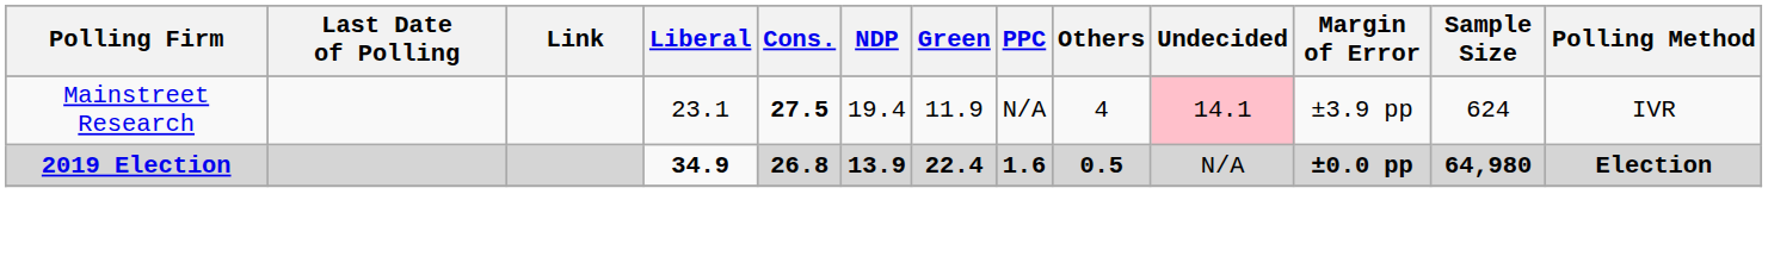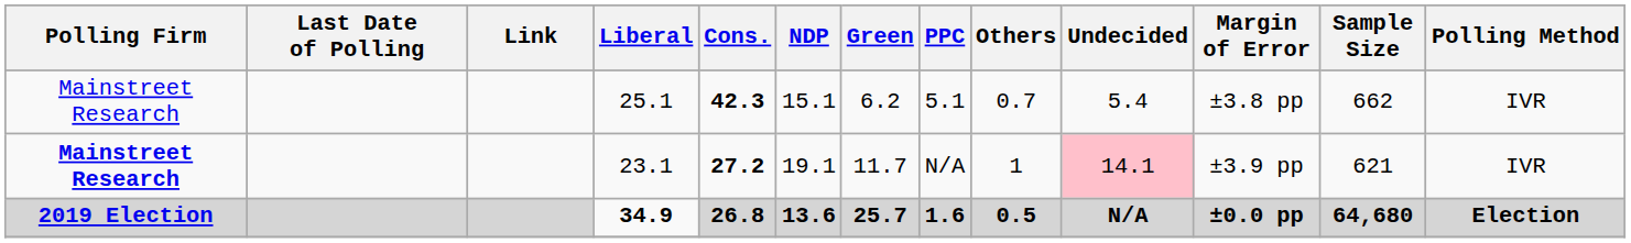 <table class="wikitable sortable" style="text-align:center;font-size:90%;line-height:14px;">
 <tr style="background:#e9e9e9;">
 <th style="width:120px">Polling Firm</th>
 <th style="width:110px">Last Date<br>of Polling</th>
 <th style="width:60px" class="unsortable">Link</th>
 <th style="background-color:"><a href='#'>Liberal</a></th>
 <th style="background-color:"><a href='#'>Cons.</a></th>
 <th style="background-color:"><a href='#'>NDP</a></th>
 <th style="background-color:"><a href='#'>Green</a></th>
 <th style="background-color:"><a href='#'><span>PPC</span></a></th>
 <th style="background-color:">Others</th>
 <th style="background-color:">Undecided</th>
 <th style="width:60px;" class=unsortable>Margin<br>of Error</th>
 <th style="width:50px;" class=unsortable>Sample<br>Size</th>
 <th class=unsortable>Polling Method</th>
 </tr>
 <tr>
 <td><a href='#'>Mainstreet Research</a></td>
 <td></td>
 <td></td>
+<td>25.1</td>
+<td><strong>42.3</strong></td>
+<td>15.1</td>
+<td>6.2</td>
+<td>5.1</td>
+<td>0.7</td>
+<td>5.4</td>
+<td>±3.8 pp</td>
+<td>662</td>
+<td>IVR</td>
+</tr>
+<tr>
+<td><strong><a href='#'>Mainstreet Research</a></strong></td>
+<td></td>
+<td></td>
 <td>23.1</td>
-<td><strong>27.5</strong></td>
-<td>19.4</td>
-<td>11.9</td>
+<td><strong>27.2</strong></td>
+<td>19.1</td>
+<td>11.7</td>
 <td>N/A</td>
-<td>4</td>
+<td>1</td>
 <td style="background: pink;">14.1</td>
 <td>±3.9 pp</td>
-<td>624</td>
+<td>621</td>
 <td>IVR</td>
 </tr>
 <tr>
 <td style="background:#D5D5D5"><strong><a href='#'>2019 Election</a></strong></td>
 <td style="background:#D5D5D5"><strong></strong></td>
 <td style="background:#D5D5D5"></td>
 <td><strong>34.9</strong></td>
 <td style="background:#D5D5D5"><strong>26.8</strong></td>
-<td style="background:#D5D5D5"><strong>13.9</strong></td>
-<td style="background:#D5D5D5"><strong>22.4</strong></td>
+<td style="background:#D5D5D5"><strong>13.6</strong></td>
+<td style="background:#D5D5D5"><strong>25.7</strong></td>
 <td style="background:#D5D5D5"><strong>1.6</strong></td>
 <td style="background:#D5D5D5"><strong>0.5</strong></td>
-<td style="background:#D5D5D5">N/A</td>
+<td style="background:#D5D5D5"><strong>N/A</strong></td>
 <td style="background:#D5D5D5"><strong>±0.0 pp</strong></td>
-<td style="background:#D5D5D5"><strong>64,980</strong></td>
+<td style="background:#D5D5D5"><strong>64,680</strong></td>
 <td style="background:#D5D5D5"><strong>Election</strong></td>
 </tr>
 <tr>
 </tr>
 <tr>
 </tr>
 </table>
